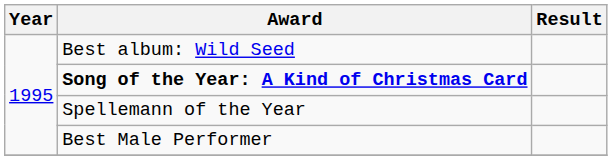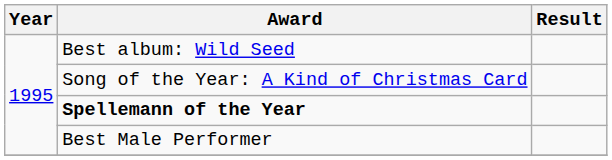 <table class="wikitable">
 <tr>
 <th>Year</th>
 <th>Award<br></th>
 <th>Result</th>
 </tr>
 <tr>
 <td rowspan="4"><a href='#'>1995</a></td>
 <td>Best album: <a href='#'>Wild Seed</a></td>
 <td></td>
 </tr>
 <tr>
-<td><strong>Song of the Year: <a href='#'>A Kind of Christmas Card</a></strong></td>
+<td>Song of the Year: <a href='#'>A Kind of Christmas Card</a></td>
 <td></td>
 </tr>
 <tr>
-<td>Spellemann of the Year</td>
+<td><strong>Spellemann of the Year</strong></td>
 <td></td>
 </tr>
 <tr>
 <td>Best Male Performer</td>
 <td></td>
 </tr>
 <tr>
 </tr>
 </table>
